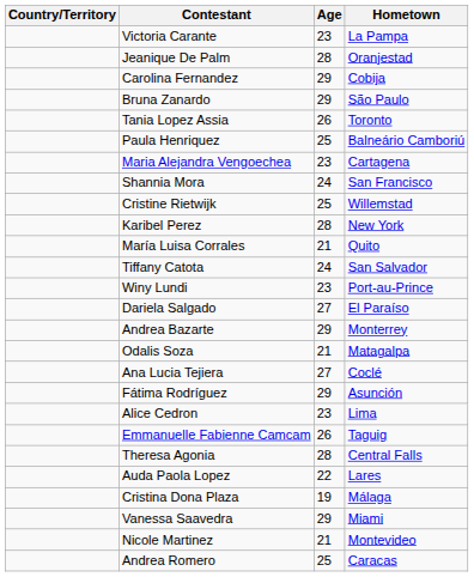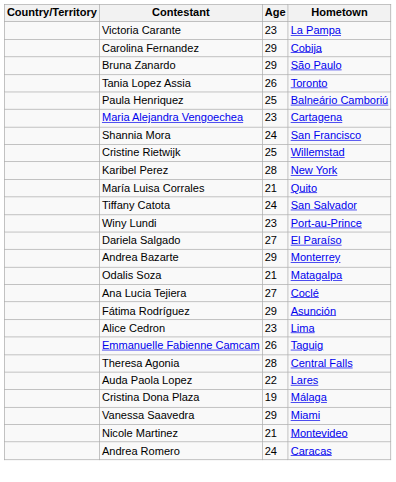 <table class="wikitable sortable" style="font_size: 95%;">
 <tr>
 <th>Country/Territory</th>
 <th>Contestant</th>
 <th>Age</th>
 <th>Hometown</th>
 </tr>
 <tr>
 <td></td>
 <td>Victoria Carante</td>
 <td>23</td>
 <td><a href='#'>La Pampa</a></td>
-</tr>
-<tr>
-<td></td>
-<td>Jeanique De Palm</td>
-<td>28</td>
-<td><a href='#'>Oranjestad</a></td>
 </tr>
 <tr>
 <td></td>
 <td>Carolina Fernandez</td>
 <td>29</td>
 <td><a href='#'>Cobija</a></td>
 </tr>
 <tr>
 <td></td>
 <td>Bruna Zanardo</td>
 <td>29</td>
 <td><a href='#'>São Paulo</a></td>
 </tr>
 <tr>
 <td></td>
 <td>Tania Lopez Assia</td>
 <td>26</td>
 <td><a href='#'>Toronto</a></td>
 </tr>
 <tr>
 <td></td>
 <td>Paula Henriquez</td>
 <td>25</td>
 <td><a href='#'>Balneário Camboriú</a></td>
 </tr>
 <tr>
 <td></td>
 <td><a href='#'>Maria Alejandra Vengoechea</a></td>
 <td>23</td>
 <td><a href='#'>Cartagena</a></td>
 </tr>
 <tr>
 <td></td>
 <td>Shannia Mora</td>
 <td>24</td>
 <td><a href='#'>San Francisco</a></td>
 </tr>
 <tr>
 <td></td>
 <td>Cristine Rietwijk</td>
 <td>25</td>
 <td><a href='#'>Willemstad</a></td>
 </tr>
 <tr>
 <td></td>
 <td>Karibel Perez</td>
 <td>28</td>
 <td><a href='#'>New York</a></td>
 </tr>
 <tr>
 <td></td>
 <td>María Luisa Corrales</td>
 <td>21</td>
 <td><a href='#'>Quito</a></td>
 </tr>
 <tr>
 <td></td>
 <td>Tiffany Catota</td>
 <td>24</td>
 <td><a href='#'>San Salvador</a></td>
 </tr>
 <tr>
 <td></td>
 <td>Winy Lundi</td>
 <td>23</td>
 <td><a href='#'>Port-au-Prince</a></td>
 </tr>
 <tr>
 <td></td>
 <td>Dariela Salgado</td>
 <td>27</td>
 <td><a href='#'>El Paraíso</a></td>
 </tr>
 <tr>
 <td></td>
 <td>Andrea Bazarte</td>
 <td>29</td>
 <td><a href='#'>Monterrey</a></td>
 </tr>
 <tr>
 <td></td>
 <td>Odalis Soza</td>
 <td>21</td>
 <td><a href='#'>Matagalpa</a></td>
 </tr>
 <tr>
 <td></td>
 <td>Ana Lucia Tejiera</td>
 <td>27</td>
 <td><a href='#'>Coclé</a></td>
 </tr>
 <tr>
 <td></td>
 <td>Fátima Rodríguez</td>
 <td>29</td>
 <td><a href='#'>Asunción</a></td>
 </tr>
 <tr>
 <td></td>
 <td>Alice Cedron</td>
 <td>23</td>
 <td><a href='#'>Lima</a></td>
 </tr>
 <tr>
 <td></td>
 <td><a href='#'>Emmanuelle Fabienne Camcam</a></td>
 <td>26</td>
 <td><a href='#'>Taguig</a></td>
 </tr>
 <tr>
 <td></td>
 <td>Theresa Agonia</td>
 <td>28</td>
 <td><a href='#'>Central Falls</a></td>
 </tr>
 <tr>
 <td></td>
 <td>Auda Paola Lopez</td>
 <td>22</td>
 <td><a href='#'>Lares</a></td>
 </tr>
 <tr>
 <td></td>
 <td>Cristina Dona Plaza</td>
 <td>19</td>
 <td><a href='#'>Málaga</a></td>
 </tr>
 <tr>
 <td></td>
 <td>Vanessa Saavedra</td>
 <td>29</td>
 <td><a href='#'>Miami</a></td>
 </tr>
 <tr>
 <td></td>
 <td>Nicole Martinez</td>
 <td>21</td>
 <td><a href='#'>Montevideo</a></td>
 </tr>
 <tr>
 <td></td>
 <td>Andrea Romero</td>
-<td>25</td>
+<td>24</td>
 <td><a href='#'>Caracas</a></td>
 </tr>
 </table>
